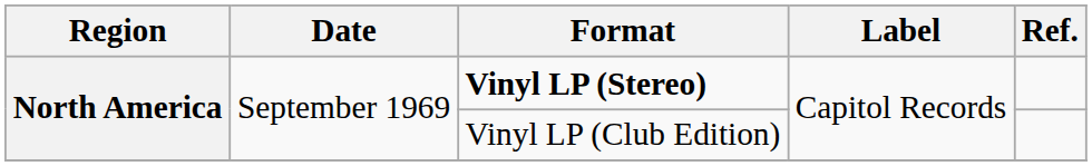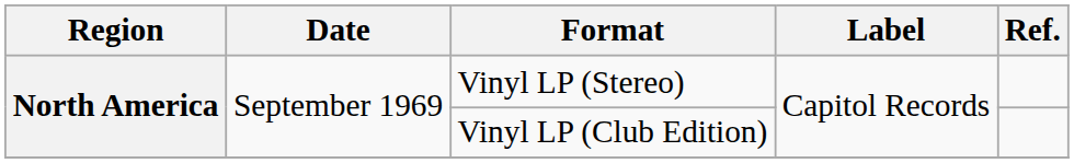 <table class="wikitable plainrowheaders">
 <tr>
 <th scope="col">Region</th>
 <th scope="col">Date</th>
 <th scope="col">Format</th>
 <th scope="col">Label</th>
 <th scope="col">Ref.</th>
 </tr>
 <tr>
 <th scope="row" rowspan="2">North America</th>
 <td rowspan="2">September 1969</td>
-<td><strong>Vinyl LP (Stereo)</strong></td>
+<td>Vinyl LP (Stereo)</td>
 <td rowspan="2">Capitol Records</td>
 <td></td>
 </tr>
 <tr>
 <td>Vinyl LP (Club Edition)</td>
 <td></td>
 </tr>
 <tr>
 </tr>
 </table>
